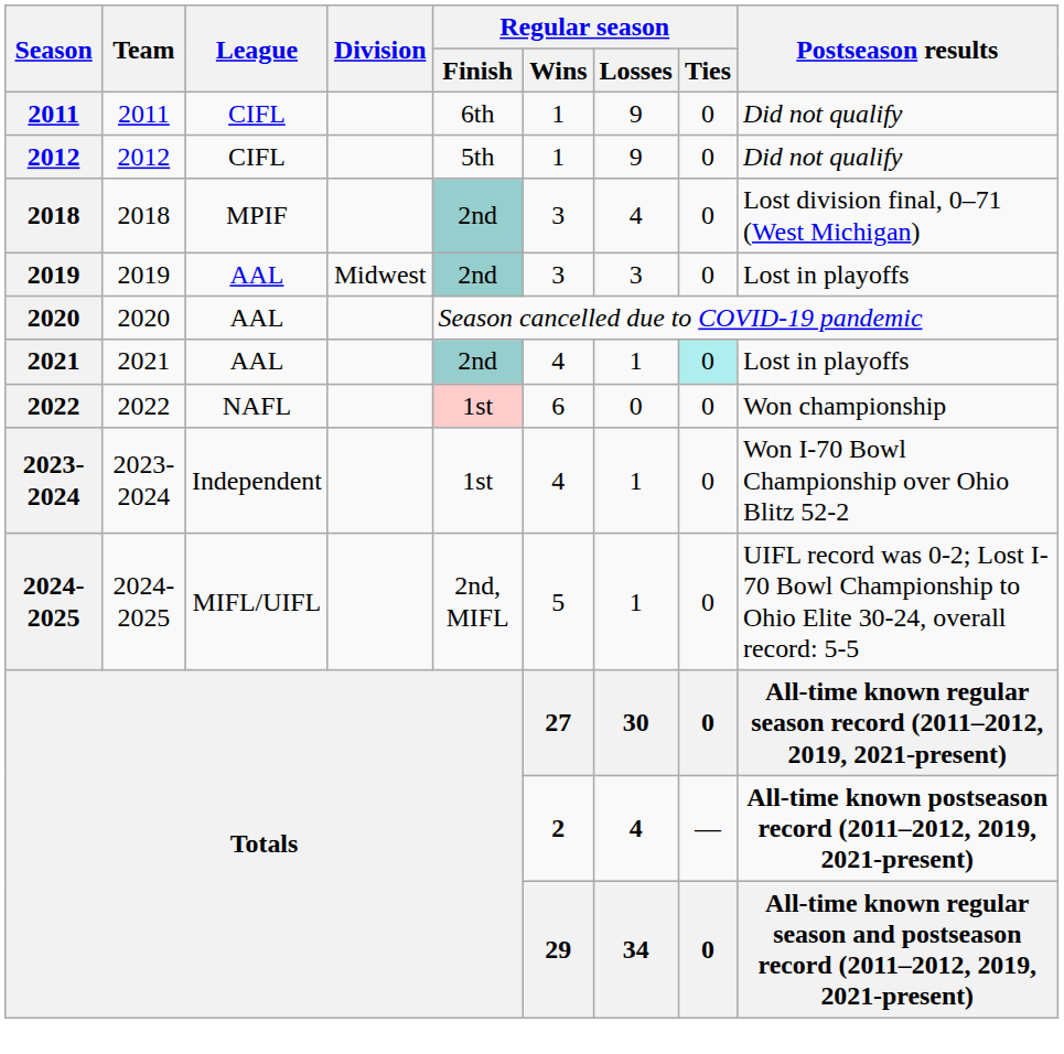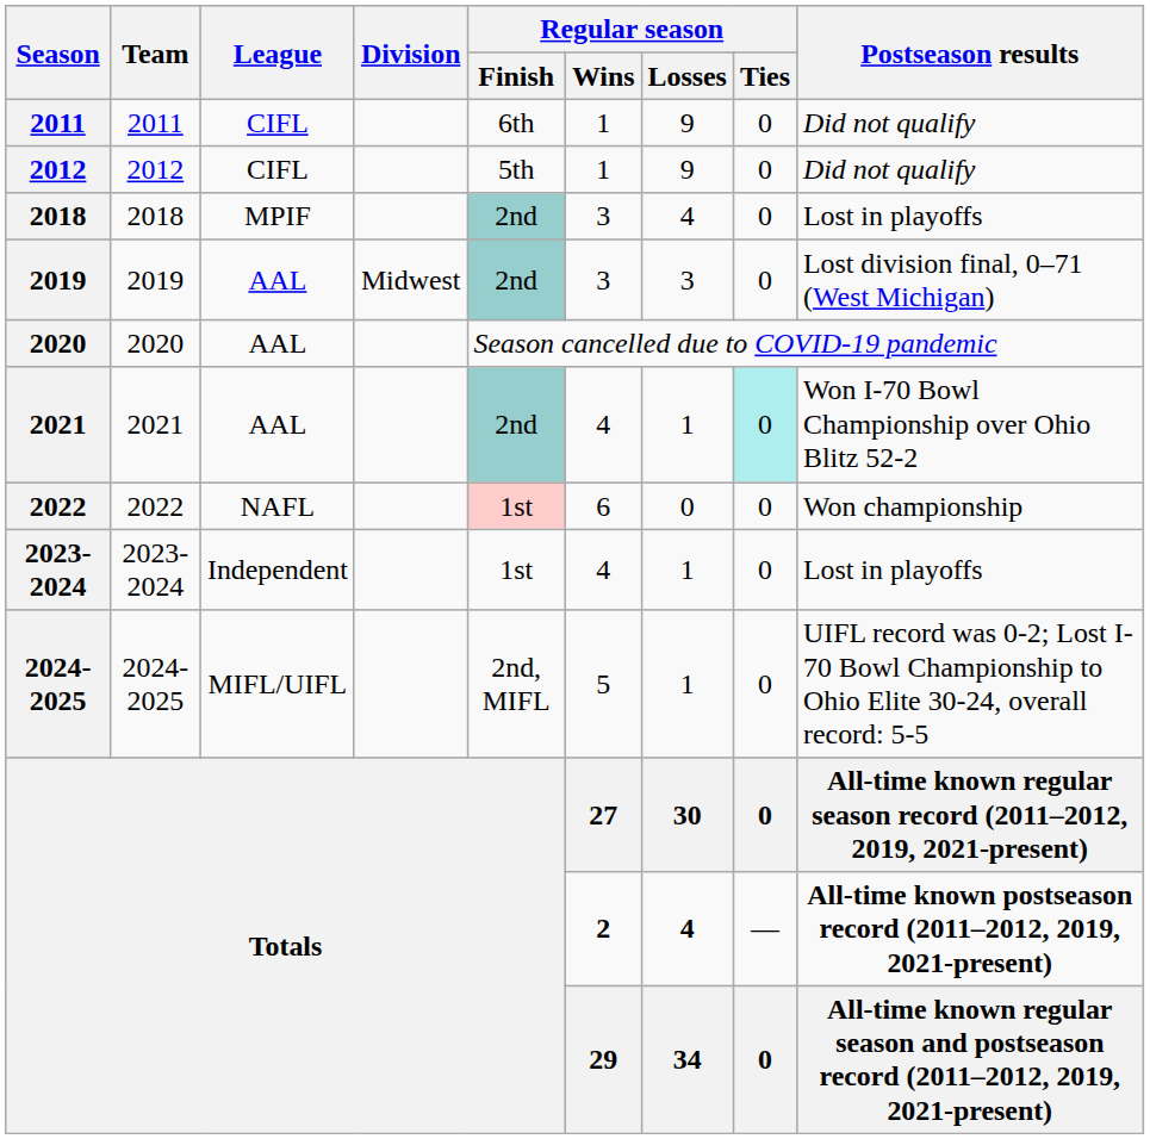 <table class="wikitable" style="font-size: 95%; text-align:center">
 <tr>
 <th rowspan="2"><a href='#'>Season</a></th>
 <th rowspan="2">Team</th>
 <th rowspan="2"><a href='#'>League</a></th>
 <th rowspan="2"><a href='#'>Division</a></th>
 <th colspan="4"><a href='#'>Regular season</a></th>
 <th rowspan="2"><a href='#'>Postseason</a> results</th>
 </tr>
 <tr>
 <th>Finish</th>
 <th>Wins</th>
 <th>Losses</th>
 <th>Ties</th>
 </tr>
 <tr>
 <th><a href='#'>2011</a></th>
 <td><a href='#'>2011</a></td>
 <td><a href='#'>CIFL</a></td>
 <td></td>
 <td>6th</td>
 <td>1</td>
 <td>9</td>
 <td>0</td>
 <td align=left><em>Did not qualify</em></td>
 </tr>
 <tr>
 <th><a href='#'>2012</a></th>
 <td><a href='#'>2012</a></td>
 <td>CIFL</td>
 <td></td>
 <td>5th</td>
 <td>1</td>
 <td>9</td>
 <td>0</td>
 <td align=left><em>Did not qualify</em></td>
 </tr>
 <tr>
 <th>2018</th>
 <td>2018</td>
 <td>MPIF</td>
 <td></td>
 <td bgcolor=#96cdcd>2nd</td>
 <td>3</td>
 <td>4</td>
 <td>0</td>
-<td align=left>Lost division final, 0–71 (<a href='#'>West Michigan</a>)</td>
+<td align=left>Lost in playoffs</td>
 </tr>
 <tr>
 <th>2019</th>
 <td>2019</td>
 <td><a href='#'>AAL</a></td>
 <td>Midwest</td>
 <td bgcolor=#96cdcd>2nd</td>
 <td>3</td>
 <td>3</td>
 <td>0</td>
-<td align=left>Lost in playoffs</td>
+<td align=left>Lost division final, 0–71 (<a href='#'>West Michigan</a>)</td>
 </tr>
 <tr>
 <th>2020</th>
 <td>2020</td>
 <td>AAL</td>
 <td></td>
 <td colspan=5; align=left><em>Season cancelled due to <a href='#'>COVID-19 pandemic</a></em></td>
 </tr>
 <tr>
 <th>2021</th>
 <td>2021</td>
 <td>AAL</td>
 <td></td>
 <td bgcolor=#96cdcd>2nd</td>
 <td>4</td>
 <td>1</td>
 <td style="background: paleturquoise;">0</td>
-<td align=left>Lost in playoffs</td>
+<td align=left>Won I-70 Bowl Championship over Ohio Blitz 52-2</td>
 </tr>
 <tr>
 <th>2022</th>
 <td>2022</td>
 <td>NAFL</td>
 <td></td>
 <td bgcolor=#fcc>1st</td>
 <td>6</td>
 <td>0</td>
 <td>0</td>
 <td align=left>Won championship</td>
 </tr>
 <tr>
 <th>2023-2024</th>
 <td>2023-2024</td>
 <td>Independent</td>
 <td></td>
 <td>1st</td>
 <td>4</td>
 <td>1</td>
 <td>0</td>
-<td align=left>Won I-70 Bowl Championship over Ohio Blitz 52-2</td>
+<td align=left>Lost in playoffs</td>
 </tr>
 <tr>
 <th>2024-2025</th>
 <td>2024-2025</td>
 <td>MIFL/UIFL</td>
 <td></td>
 <td>2nd, MIFL</td>
 <td>5</td>
 <td>1</td>
 <td>0</td>
 <td align=left>UIFL record was 0-2; Lost I-70 Bowl Championship to Ohio Elite 30-24, overall record: 5-5</td>
 </tr>
 <tr>
 <th rowspan="3" colspan="5">Totals</th>
 <th>27</th>
 <th>30</th>
 <th>0</th>
 <th>All-time known regular season record (2011–2012, 2019, 2021-present)</th>
 </tr>
 <tr>
 <td><strong>2</strong></td>
 <td><strong>4</strong></td>
 <td>—</td>
 <td><strong>All-time known postseason record (2011–2012, 2019, 2021-present)</strong></td>
 </tr>
 <tr>
 <th>29</th>
 <th>34</th>
 <th>0</th>
 <th>All-time known regular season and postseason record (2011–2012, 2019, 2021-present)</th>
 </tr>
 </table>
